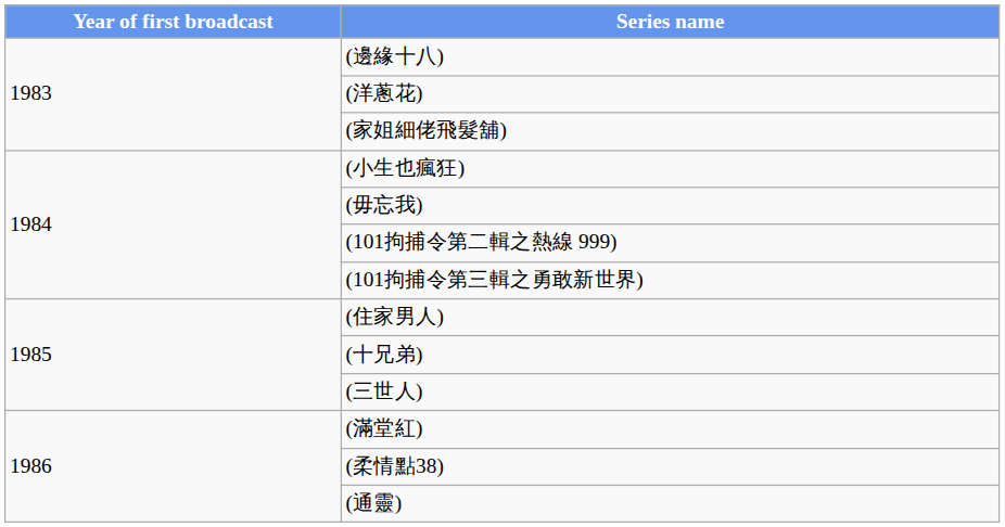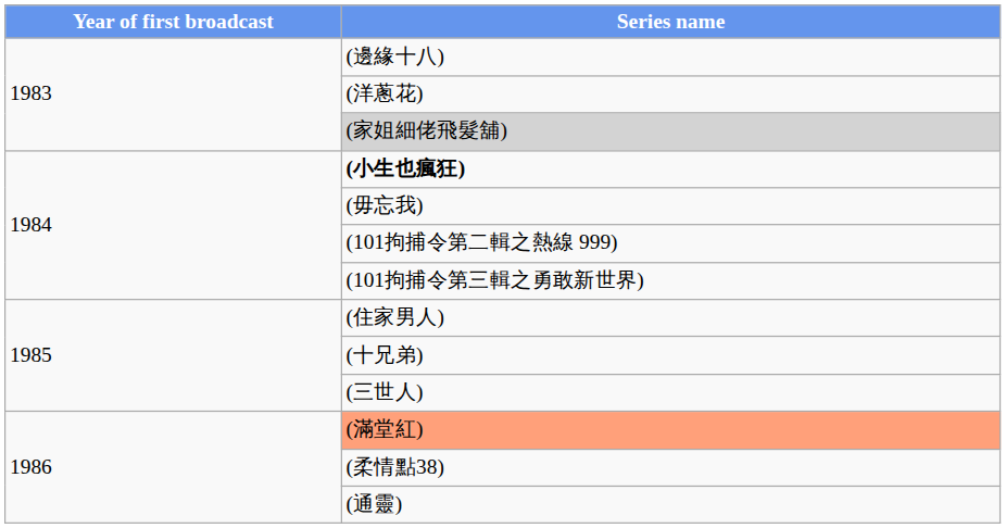 <table class="wikitable" width="60%">
 <tr style="background:cornflowerblue; color:white" align=center>
 <td style="width:7%"><strong>Year of first broadcast</strong></td>
 <td style="width:15%"><strong>Series name</strong></td>
 </tr>
 <tr>
 <td rowspan="3">1983</td>
 <td>(邊緣十八)</td>
 </tr>
 <tr>
 <td>(洋蔥花)</td>
 </tr>
 <tr>
-<td>(家姐細佬飛髮舖)</td>
+<td style="background: lightgrey;">(家姐細佬飛髮舖)</td>
 </tr>
 <tr>
 <td rowspan="4">1984</td>
-<td>(小生也瘋狂)</td>
+<td><strong>(小生也瘋狂)</strong></td>
 </tr>
 <tr>
 <td>(毋忘我)</td>
 </tr>
 <tr>
 <td>(101拘捕令第二輯之熱線 999)</td>
 </tr>
 <tr>
 <td>(101拘捕令第三輯之勇敢新世界)</td>
 </tr>
 <tr>
 <td rowspan="3">1985</td>
 <td>(住家男人)</td>
 </tr>
 <tr>
 <td>(十兄弟)</td>
 </tr>
 <tr>
 <td>(三世人)</td>
 </tr>
 <tr>
 <td rowspan="3">1986</td>
-<td>(滿堂紅)</td>
+<td style="background: lightsalmon;">(滿堂紅)</td>
 </tr>
 <tr>
 <td>(柔情點38)</td>
 </tr>
 <tr>
 <td>(通靈)</td>
 </tr>
 </table>
